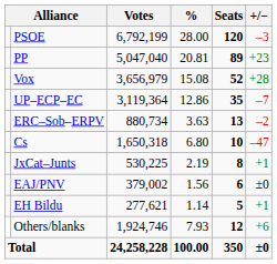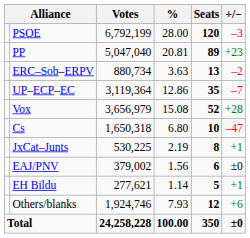 <table class="wikitable" style="text-align:right; font-size:95%;">
 <tr>
 <th colspan="2">Alliance</th>
 <th>Votes</th>
 <th>%</th>
 <th>Seats</th>
 <th>+/−</th>
 </tr>
 <tr>
 <td style="background:"></td>
 <td align="left"><a href='#'>PSOE</a></td>
 <td>6,792,199</td>
 <td>28.00</td>
 <td><strong>120</strong></td>
 <td style="color:red;">–3</td>
 </tr>
 <tr>
 <td style="background:"></td>
 <td align="left"><a href='#'>PP</a></td>
 <td>5,047,040</td>
 <td>20.81</td>
 <td><strong>89</strong></td>
 <td style="color:green;">+23</td>
 </tr>
 <tr>
 <td style="background:"></td>
-<td align="left"><a href='#'>Vox</a></td>
-<td>3,656,979</td>
-<td>15.08</td>
-<td><strong>52</strong></td>
-<td style="color:green;">+28</td>
+<td align="left"><a href='#'>ERC–Sob</a>–<a href='#'>ERPV</a></td>
+<td>880,734</td>
+<td>3.63</td>
+<td><strong>13</strong></td>
+<td style="color:red;">–2</td>
 </tr>
 <tr>
 <td style="background:"></td>
 <td align="left"><a href='#'>UP</a>–<a href='#'>ECP</a>–<a href='#'>EC</a></td>
 <td>3,119,364</td>
 <td>12.86</td>
 <td><strong>35</strong></td>
 <td style="color:red;">–7</td>
 </tr>
 <tr>
 <td style="background:"></td>
-<td align="left"><a href='#'>ERC–Sob</a>–<a href='#'>ERPV</a></td>
-<td>880,734</td>
-<td>3.63</td>
-<td><strong>13</strong></td>
-<td style="color:red;">–2</td>
+<td align="left"><a href='#'>Vox</a></td>
+<td>3,656,979</td>
+<td>15.08</td>
+<td><strong>52</strong></td>
+<td style="color:green;">+28</td>
 </tr>
 <tr>
 <td style="background:"></td>
 <td align="left"><a href='#'>Cs</a></td>
 <td>1,650,318</td>
 <td>6.80</td>
 <td><strong>10</strong></td>
 <td style="color:red;">–47</td>
 </tr>
 <tr>
 <td style="background:"></td>
 <td align="left"><a href='#'>JxCat–Junts</a></td>
 <td>530,225</td>
 <td>2.19</td>
 <td><strong>8</strong></td>
 <td style="color:green;">+1</td>
 </tr>
 <tr>
 <td style="background:"></td>
 <td align="left"><a href='#'>EAJ/PNV</a></td>
 <td>379,002</td>
 <td>1.56</td>
 <td><strong>6</strong></td>
 <td>±0</td>
 </tr>
 <tr>
 <td style="background:"></td>
 <td align="left"><a href='#'>EH Bildu</a></td>
 <td>277,621</td>
 <td>1.14</td>
 <td><strong>5</strong></td>
 <td style="color:green;">+1</td>
 </tr>
 <tr>
 <td style="background:white;"></td>
 <td align="left">Others/blanks</td>
 <td>1,924,746</td>
 <td>7.93</td>
 <td><strong>12</strong></td>
 <td style="color:green;">+6</td>
 </tr>
 <tr style="font-weight:bold">
 <td colspan="2" align="left">Total</td>
 <td>24,258,228</td>
 <td>100.00</td>
 <td>350</td>
 <td>±0</td>
 </tr>
 </table>
